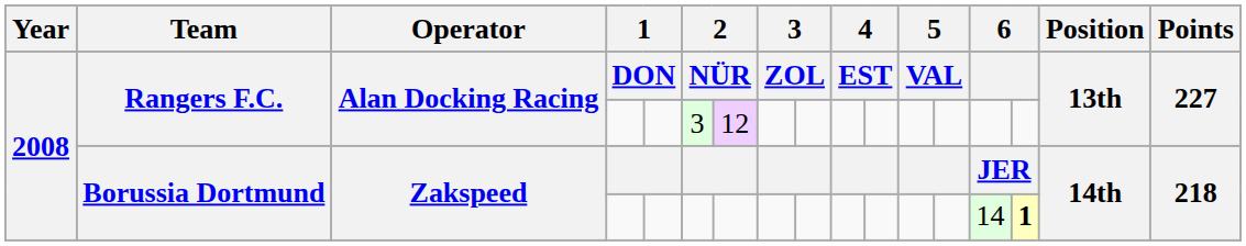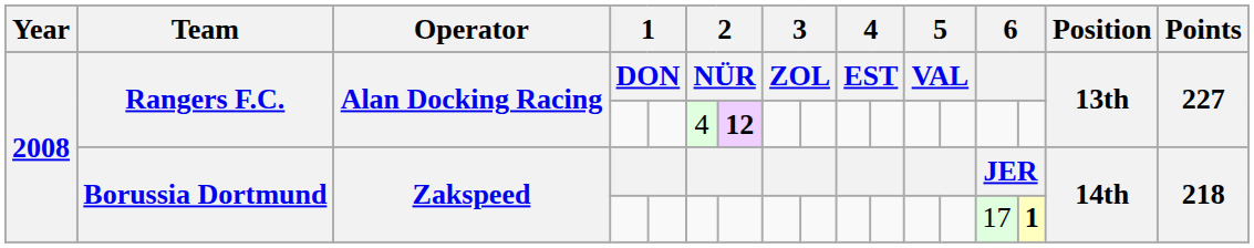 <table class="wikitable" style="text-align:center; font-size:85%">
 <tr>
 <th>Year</th>
 <th>Team</th>
 <th>Operator</th>
 <th colspan=2>1</th>
 <th colspan=2>2</th>
 <th colspan=2>3</th>
 <th colspan=2>4</th>
 <th colspan=2>5</th>
 <th colspan=2>6</th>
 <th>Position</th>
 <th>Points</th>
 </tr>
 <tr>
 <th rowspan=4><a href='#'>2008</a></th>
 <th rowspan=2 nowrap><a href='#'>Rangers F.C.</a></th>
 <th rowspan=2 nowrap><a href='#'>Alan Docking Racing</a></th>
 <th colspan=2><a href='#'>DON</a></th>
 <th colspan=2><a href='#'>NÜR</a></th>
 <th colspan=2><a href='#'>ZOL</a></th>
 <th colspan=2><a href='#'>EST</a></th>
 <th colspan=2><a href='#'>VAL</a></th>
 <th colspan=2></th>
 <th rowspan=2>13th</th>
 <th rowspan=2>227</th>
 </tr>
 <tr>
 <td></td>
 <td></td>
-<td style="background:#dfffdf;">3</td>
-<td style="background:#EFCFFF;">12</td>
+<td style="background:#dfffdf;">4</td>
+<td style="background:#EFCFFF;"><strong>12</strong></td>
 <td></td>
 <td></td>
 <td></td>
 <td></td>
 <td></td>
 <td></td>
 <td></td>
 <td></td>
 </tr>
 <tr>
 <th rowspan=2 nowrap><a href='#'>Borussia Dortmund</a></th>
 <th rowspan=2><a href='#'>Zakspeed</a></th>
 <th colspan=2></th>
 <th colspan=2></th>
 <th colspan=2></th>
 <th colspan=2></th>
 <th colspan=2></th>
 <th colspan=2><a href='#'>JER</a></th>
 <th rowspan=2>14th</th>
 <th rowspan=2>218</th>
 </tr>
 <tr>
 <td></td>
 <td></td>
 <td></td>
 <td></td>
 <td></td>
 <td></td>
 <td></td>
 <td></td>
 <td></td>
 <td></td>
-<td style="background:#dfffdf;">14</td>
+<td style="background:#dfffdf;">17</td>
 <td style="background:#ffffbf;"><strong>1</strong></td>
 </tr>
 </table>
